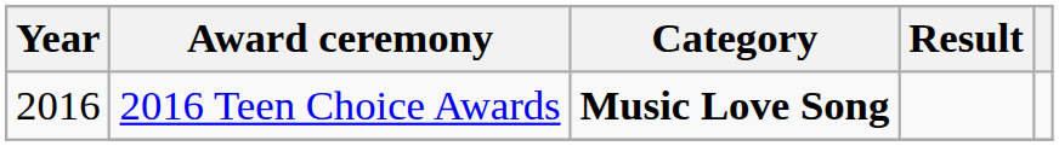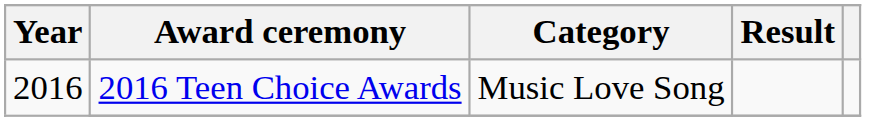 <table class="wikitable sortable plainrowheaders">
 <tr>
 </tr>
 <tr>
 <th scope="col">Year</th>
 <th scope="col">Award ceremony</th>
 <th scope="col">Category</th>
 <th scope="col">Result</th>
 <th scope="col" class="unsortable"></th>
 </tr>
 <tr>
 <td rowspan="7">2016</td>
 <td><a href='#'>2016 Teen Choice Awards</a></td>
-<td><strong>Music Love Song</strong></td>
+<td>Music Love Song</td>
 <td></td>
 <td style="text-align:center;"></td>
 </tr>
 <tr>
 </tr>
 </table>
